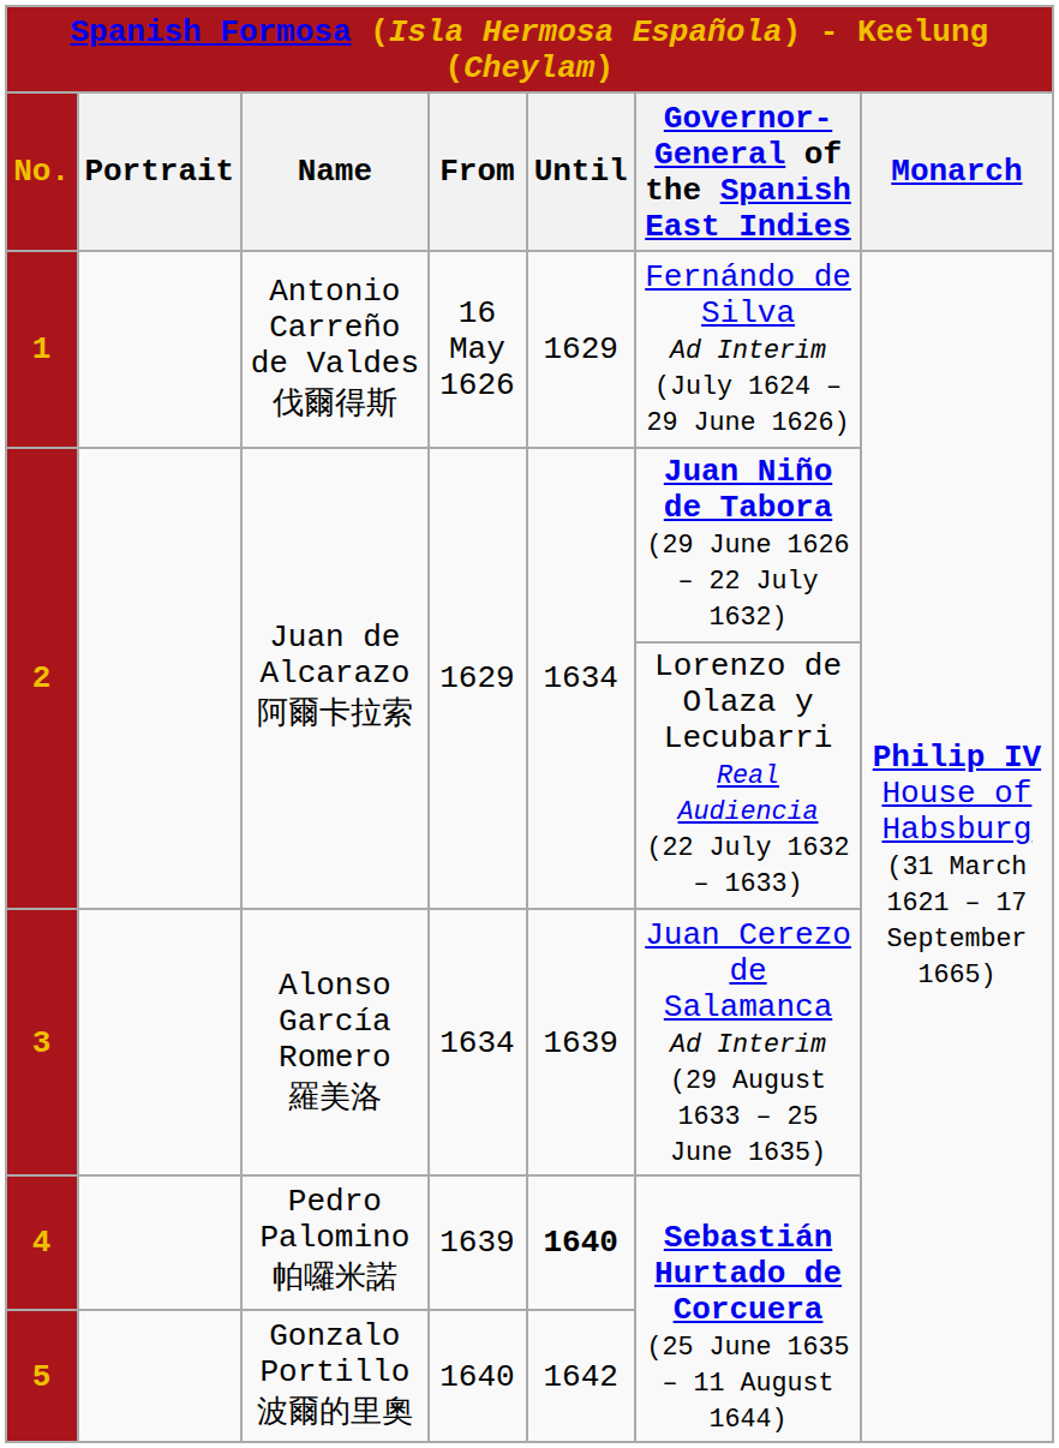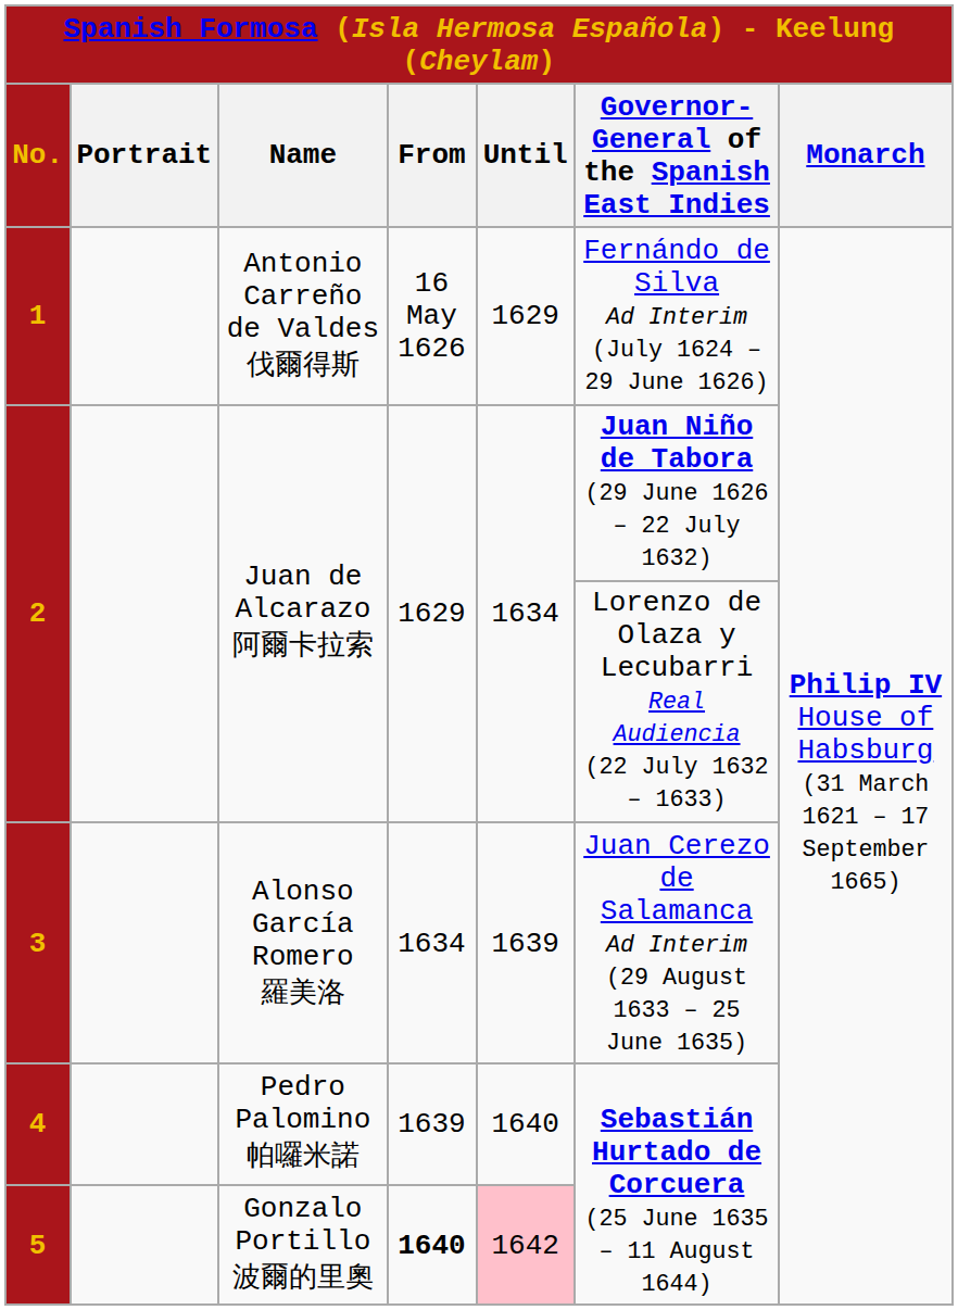 <table class="wikitable" style="text-align: center; width:70%">
 <tr>
 <th colspan="7" align="center" style="background:#AA151B; color:#F1BF00;"> <a href='#'><span>Spanish Formosa</span></a> (<em>Isla</em> <em>Hermosa Española</em>) - Keelung (<em>Cheylam</em>)</th>
 </tr>
 <tr>
 <th align=center style="background:#AA151B; color:#F1BF00;">No.</th>
 <th>Portrait</th>
 <th>Name</th>
 <th>From</th>
 <th>Until</th>
 <th><a href='#'>Governor-General</a> of the <a href='#'>Spanish East Indies</a><br></th>
 <th><a href='#'>Monarch</a><br></th>
 </tr>
 <tr>
 <th rowspan="2" style="background:#AA151B; color:#F1BF00;">1</th>
 <td rowspan="2"></td>
 <td rowspan="2">Antonio Carreño de Valdes<br>伐爾得斯</td>
 <td rowspan="2">16 May 1626</td>
 <td rowspan="2">1629</td>
 <td><a href='#'>Fernándo de Silva</a><br><small><em>Ad Interim</em></small><br><small>(July 1624 – 29 June 1626)</small></td>
 <td rowspan="9"><br><a href='#'><strong>Philip IV</strong></a><br><a href='#'>House of Habsburg</a><br><small>(31 March 1621 – 17 September 1665)</small></td>
 </tr>
 <tr>
 <td rowspan="2"><strong><a href='#'>Juan Niño de Tabora</a></strong><br><small>(29 June 1626 – 22 July 1632)</small></td>
 </tr>
 <tr>
 <th rowspan="3" style="background:#AA151B; color:#F1BF00;">2</th>
 <td rowspan="3"></td>
 <td rowspan="3">Juan de Alcarazo<br>阿爾卡拉索</td>
 <td rowspan="3">1629</td>
 <td rowspan="3">1634</td>
 </tr>
 <tr>
 <td>Lorenzo de Olaza y Lecubarri<br><small><em><a href='#'>Real Audiencia</a></em></small><br><small>(22 July 1632 – 1633)</small></td>
 </tr>
 <tr>
 <td rowspan="2"><a href='#'>Juan Cerezo de Salamanca</a><br><small><em>Ad Interim</em></small><br><small>(29 August 1633 – 25 June 1635)</small></td>
 </tr>
 <tr>
 <th rowspan="2" style="background:#AA151B; color:#F1BF00;">3</th>
 <td rowspan="2"></td>
 <td rowspan="2">Alonso García Romero<br>羅美洛</td>
 <td rowspan="2">1634</td>
 <td rowspan="2">1639</td>
 </tr>
 <tr>
 <td rowspan="3"><br><strong><a href='#'>Sebastián Hurtado de Corcuera</a></strong><br><small>(25 June 1635 – 11 August 1644)</small></td>
 </tr>
 <tr>
 <th style="background:#AA151B; color:#F1BF00;">4</th>
 <td></td>
 <td>Pedro Palomino<br>帕囉米諾</td>
 <td>1639</td>
-<td><strong>1640</strong></td>
+<td>1640</td>
 </tr>
 <tr>
 <th style="background:#AA151B; color:#F1BF00;">5</th>
 <td></td>
 <td>Gonzalo Portillo<br>波爾的里奧</td>
-<td>1640</td>
-<td>1642</td>
+<td><strong>1640</strong></td>
+<td style="background: pink;">1642</td>
 </tr>
 </table>
